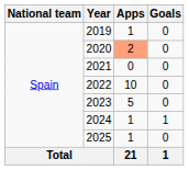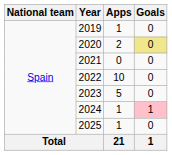 <table class="wikitable" style="text-align:center">
 <tr>
 <th>National team</th>
 <th>Year</th>
 <th>Apps</th>
 <th>Goals</th>
 </tr>
 <tr>
 <td rowspan="7"><a href='#'>Spain</a></td>
 <td>2019</td>
 <td>1</td>
 <td>0</td>
 </tr>
 <tr>
 <td>2020</td>
-<td style="background: lightsalmon;">2</td>
-<td>0</td>
+<td>2</td>
+<td style="background: khaki;">0</td>
 </tr>
 <tr>
 <td>2021</td>
 <td>0</td>
 <td>0</td>
 </tr>
 <tr>
 <td>2022</td>
 <td>10</td>
 <td>0</td>
 </tr>
 <tr>
 <td>2023</td>
 <td>5</td>
 <td>0</td>
 </tr>
 <tr>
 <td>2024</td>
 <td>1</td>
-<td>1</td>
+<td style="background: pink;">1</td>
 </tr>
 <tr>
 <td>2025</td>
 <td>1</td>
 <td>0</td>
 </tr>
 <tr>
 <th colspan="2">Total</th>
 <th>21</th>
 <th>1</th>
 </tr>
 </table>
